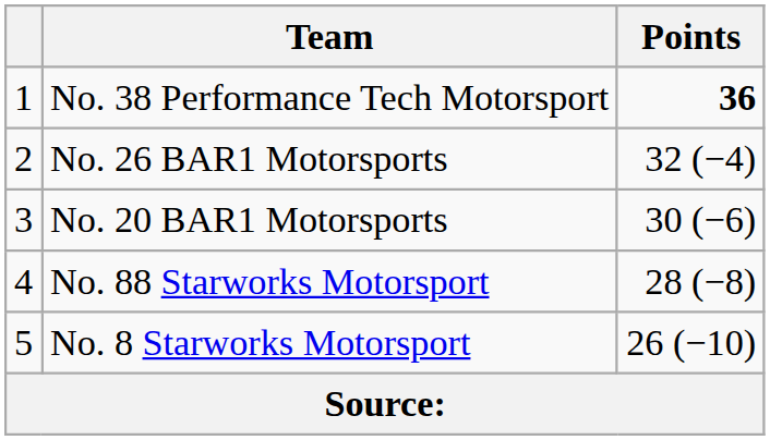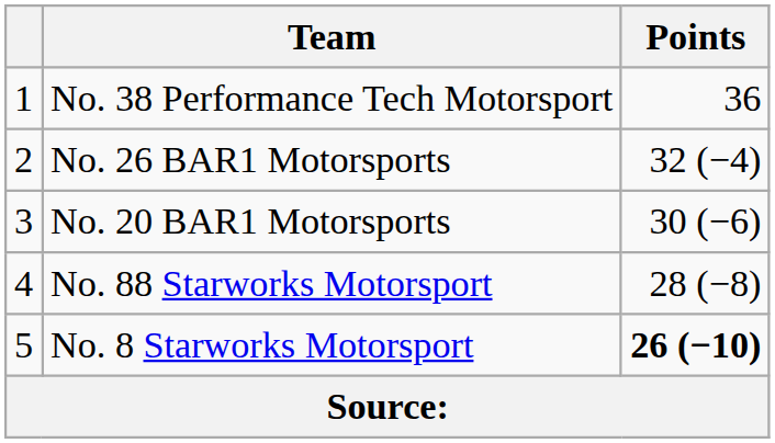 <table class="wikitable" style="font-size: 95%;">
 <tr>
 <th scope="col"></th>
 <th scope="col">Team</th>
 <th scope="col">Points</th>
 </tr>
 <tr>
 <td align=center>1</td>
 <td> No. 38 Performance Tech Motorsport</td>
-<td align=right><strong>36</strong></td>
+<td align=right>36</td>
 </tr>
 <tr>
 <td align=center>2</td>
 <td> No. 26 BAR1 Motorsports</td>
 <td align=right>32 (−4)</td>
 </tr>
 <tr>
 <td align=center>3</td>
 <td> No. 20 BAR1 Motorsports</td>
 <td align=right>30 (−6)</td>
 </tr>
 <tr>
 <td align=center>4</td>
 <td> No. 88 <a href='#'>Starworks Motorsport</a></td>
 <td align=right>28 (−8)</td>
 </tr>
 <tr>
 <td align=center>5</td>
 <td> No. 8 <a href='#'>Starworks Motorsport</a></td>
-<td align=right>26 (−10)</td>
+<td align=right><strong>26 (−10)</strong></td>
 </tr>
 <tr>
 <th colspan=4>Source:</th>
 </tr>
 </table>
